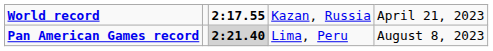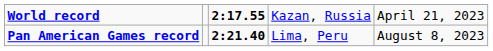 <table class="wikitable">
 <tr>
 <td><strong><a href='#'>World record</a></strong></td>
 <td></td>
 <td><strong>2:17.55</strong></td>
 <td><a href='#'>Kazan</a>, <a href='#'>Russia</a></td>
 <td>April 21, 2023</td>
 </tr>
 <tr>
 <td><strong><a href='#'>Pan American Games record</a></strong></td>
 <td></td>
-<td style="background: lightgrey;"><strong>2:21.40</strong></td>
+<td><strong>2:21.40</strong></td>
 <td><a href='#'>Lima</a>, <a href='#'>Peru</a></td>
 <td>August 8, 2023</td>
 </tr>
 </table>
